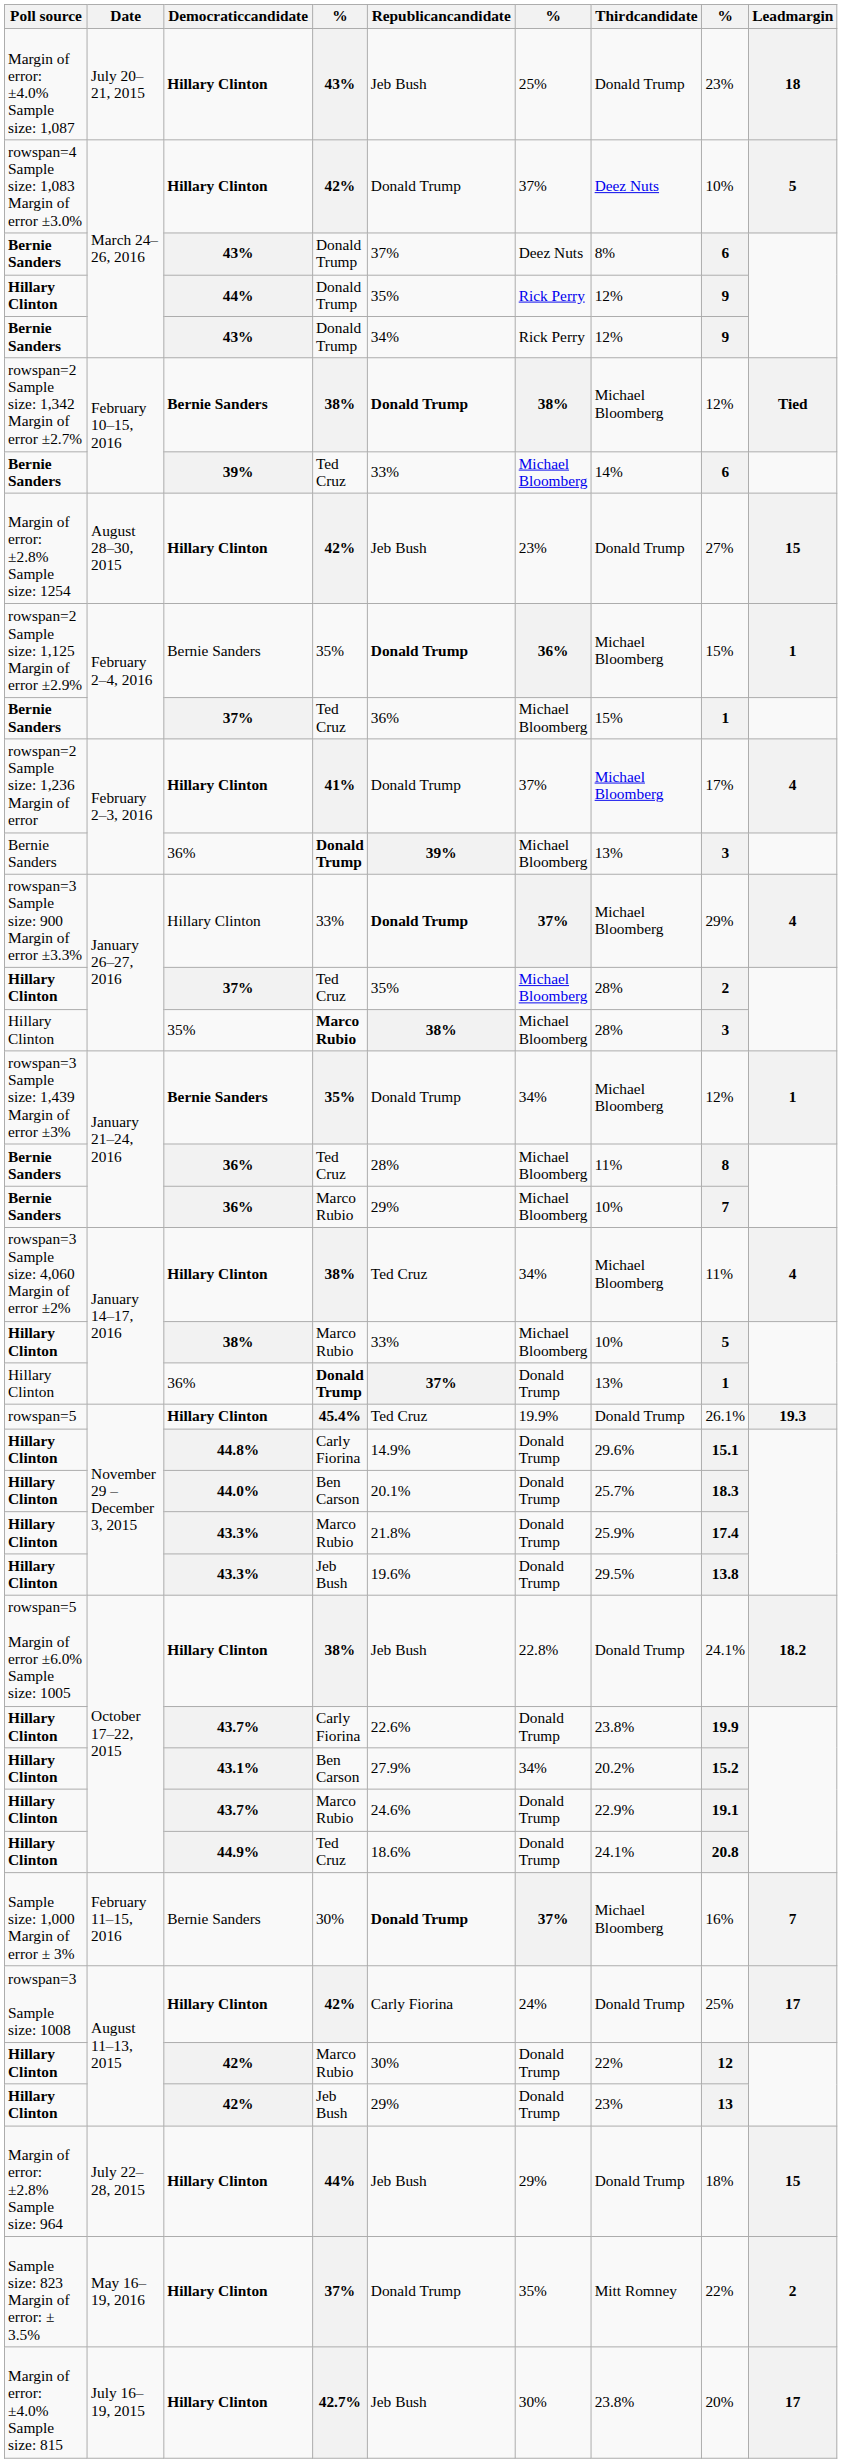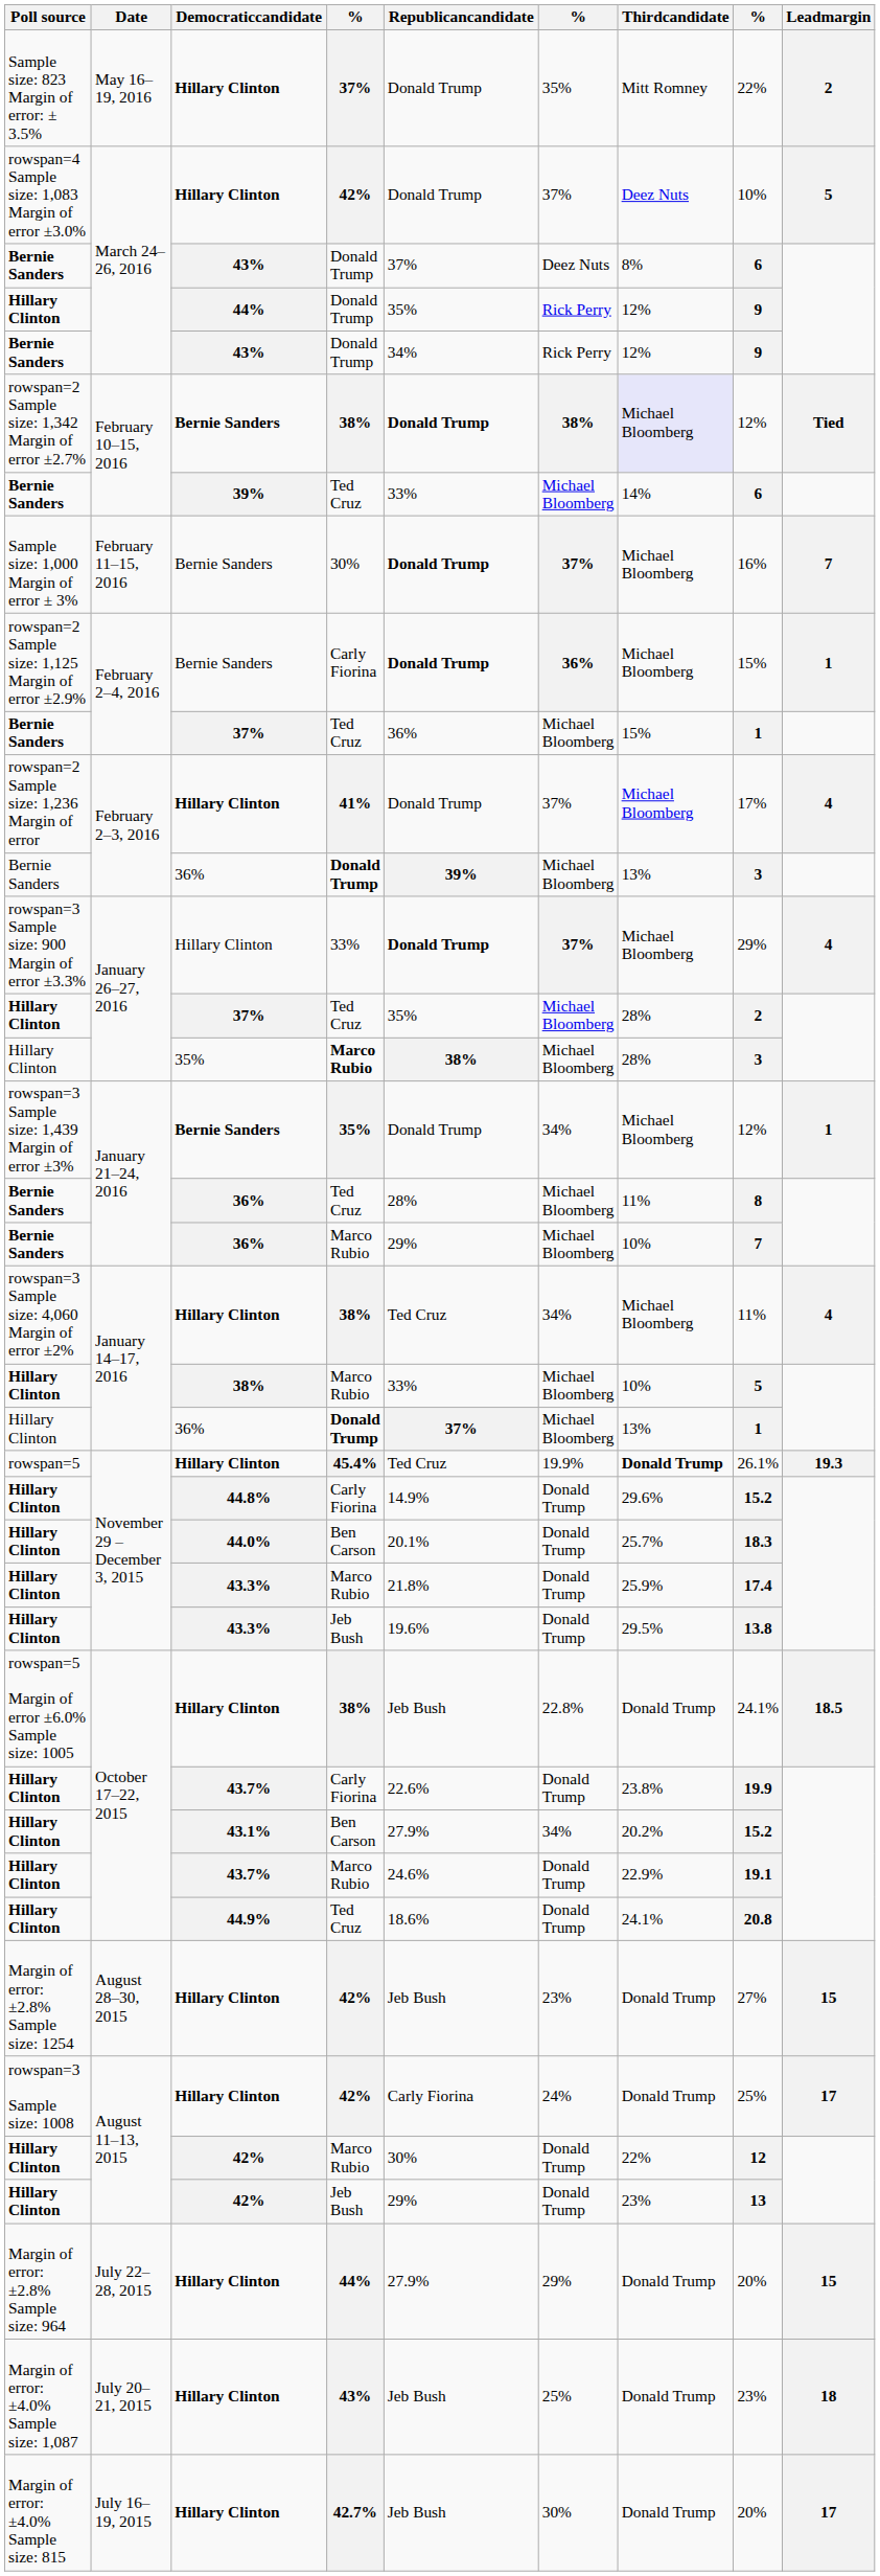 <table class="wikitable sortable sticky-header sort-under">
 <tr>
 <th style="width:20%;">Poll source</th>
 <th style="width:15%;">Date</th>
 <th style="width:20%;">Democraticcandidate</th>
 <th style="width:5%;">%</th>
 <th style="width:20%;">Republicancandidate</th>
 <th style="width:5%;">%</th>
 <th style="width:20%;">Thirdcandidate</th>
 <th style="width:5%;">%</th>
 <th style="width:15%;">Leadmargin</th>
 </tr>
 <tr>
-<td><br>Margin of error: ±4.0%<br>Sample size: 1,087</td>
-<td>July 20–21, 2015</td>
+<td><br>Sample size: 823<br>Margin of error: ± 3.5%</td>
+<td>May 16–19, 2016</td>
 <td><strong>Hillary Clinton</strong></td>
-<th>43%</th>
-<td>Jeb Bush</td>
-<td>25%</td>
+<th>37%</th>
 <td>Donald Trump</td>
-<td>23%</td>
-<th>18</th>
+<td>35%</td>
+<td>Mitt Romney</td>
+<td>22%</td>
+<th>2</th>
 </tr>
 <tr>
 <td>rowspan=4 <br>Sample size: 1,083<br>Margin of error ±3.0%</td>
 <td rowspan=4>March 24–26, 2016</td>
 <td><strong>Hillary Clinton</strong></td>
 <th>42%</th>
 <td>Donald Trump</td>
 <td>37%</td>
 <td><a href='#'>Deez Nuts</a></td>
 <td>10%</td>
 <th>5</th>
 </tr>
 <tr>
 <td><strong>Bernie Sanders</strong></td>
 <th>43%</th>
 <td>Donald Trump</td>
 <td>37%</td>
 <td>Deez Nuts</td>
 <td>8%</td>
 <th>6</th>
 </tr>
 <tr>
 <td><strong>Hillary Clinton</strong></td>
 <th>44%</th>
 <td>Donald Trump</td>
 <td>35%</td>
 <td><a href='#'>Rick Perry</a></td>
 <td>12%</td>
 <th>9</th>
 </tr>
 <tr>
 <td><strong>Bernie Sanders</strong></td>
 <th>43%</th>
 <td>Donald Trump</td>
 <td>34%</td>
 <td>Rick Perry</td>
 <td>12%</td>
 <th>9</th>
 </tr>
 <tr>
 <td>rowspan=2 <br>Sample size:  1,342 <br>Margin of error ±2.7%</td>
 <td rowspan=2>February 10–15, 2016</td>
 <td><strong>Bernie Sanders</strong></td>
 <th>38%</th>
 <td><strong>Donald Trump</strong></td>
 <th>38%</th>
-<td>Michael Bloomberg</td>
+<td style="background: lavender;">Michael Bloomberg</td>
 <td>12%</td>
 <th>Tied</th>
 </tr>
 <tr>
 <td><strong>Bernie Sanders</strong></td>
 <th>39%</th>
 <td>Ted Cruz</td>
 <td>33%</td>
 <td><a href='#'>Michael Bloomberg</a></td>
 <td>14%</td>
 <th>6</th>
 </tr>
 <tr>
-<td><br>Margin of error: ±2.8%<br>Sample size: 1254</td>
-<td>August 28–30, 2015</td>
-<td><strong>Hillary Clinton</strong></td>
-<th>42%</th>
-<td>Jeb Bush</td>
-<td>23%</td>
-<td>Donald Trump</td>
-<td>27%</td>
-<th>15</th>
+<td><br>Sample size:  1,000 <br>Margin of error ± 3%</td>
+<td>February 11–15, 2016</td>
+<td>Bernie Sanders</td>
+<td>30%</td>
+<td><strong>Donald Trump</strong></td>
+<th>37%</th>
+<td>Michael Bloomberg</td>
+<td>16%</td>
+<th>7</th>
 </tr>
 <tr>
 <td>rowspan=2 <br>Sample size:  1,125 <br>Margin of error ±2.9%</td>
 <td rowspan=2>February 2–4, 2016</td>
 <td>Bernie Sanders</td>
-<td>35%</td>
+<td>Carly Fiorina</td>
 <td><strong>Donald Trump</strong></td>
 <th>36%</th>
 <td>Michael Bloomberg</td>
 <td>15%</td>
 <th>1</th>
 </tr>
 <tr>
 <td><strong>Bernie Sanders</strong></td>
 <th>37%</th>
 <td>Ted Cruz</td>
 <td>36%</td>
 <td>Michael Bloomberg</td>
 <td>15%</td>
 <th>1</th>
 </tr>
 <tr>
 <td>rowspan=2 <br>Sample size:  1,236 <br>Margin of error</td>
 <td rowspan=2>February 2–3, 2016</td>
 <td><strong>Hillary Clinton</strong></td>
 <th>41%</th>
 <td>Donald Trump</td>
 <td>37%</td>
 <td><a href='#'>Michael Bloomberg</a></td>
 <td>17%</td>
 <th>4</th>
 </tr>
 <tr>
 <td>Bernie Sanders</td>
 <td>36%</td>
 <td><strong>Donald Trump</strong></td>
 <th>39%</th>
 <td>Michael Bloomberg</td>
 <td>13%</td>
 <th>3</th>
 </tr>
 <tr>
 <td>rowspan=3 <br>Sample size: 900 <br>Margin of error ±3.3%</td>
 <td rowspan=3>January 26–27, 2016</td>
 <td>Hillary Clinton</td>
 <td>33%</td>
 <td><strong>Donald Trump</strong></td>
 <th>37%</th>
 <td>Michael Bloomberg</td>
 <td>29%</td>
 <th>4</th>
 </tr>
 <tr>
 <td><strong>Hillary Clinton</strong></td>
 <th>37%</th>
 <td>Ted Cruz</td>
 <td>35%</td>
 <td><a href='#'>Michael Bloomberg</a></td>
 <td>28%</td>
 <th>2</th>
 </tr>
 <tr>
 <td>Hillary Clinton</td>
 <td>35%</td>
 <td><strong>Marco Rubio</strong></td>
 <th>38%</th>
 <td>Michael Bloomberg</td>
 <td>28%</td>
 <th>3</th>
 </tr>
 <tr>
 <td>rowspan=3 <br>Sample size: 1,439 <br>Margin of error ±3%</td>
 <td rowspan=3>January 21–24, 2016</td>
 <td><strong>Bernie Sanders</strong></td>
 <th>35%</th>
 <td>Donald Trump</td>
 <td>34%</td>
 <td>Michael Bloomberg</td>
 <td>12%</td>
 <th>1</th>
 </tr>
 <tr>
 <td><strong>Bernie Sanders</strong></td>
 <th>36%</th>
 <td>Ted Cruz</td>
 <td>28%</td>
 <td>Michael Bloomberg</td>
 <td>11%</td>
 <th>8</th>
 </tr>
 <tr>
 <td><strong>Bernie Sanders</strong></td>
 <th>36%</th>
 <td>Marco Rubio</td>
 <td>29%</td>
 <td>Michael Bloomberg</td>
 <td>10%</td>
 <th>7</th>
 </tr>
 <tr>
 <td>rowspan=3 <br>Sample size: 4,060 <br>Margin of error ±2%</td>
 <td rowspan=3>January 14–17, 2016</td>
 <td><strong>Hillary Clinton</strong></td>
 <th>38%</th>
 <td>Ted Cruz</td>
 <td>34%</td>
 <td>Michael Bloomberg</td>
 <td>11%</td>
 <th>4</th>
 </tr>
 <tr>
 <td><strong>Hillary Clinton</strong></td>
 <th>38%</th>
 <td>Marco Rubio</td>
 <td>33%</td>
 <td>Michael Bloomberg</td>
 <td>10%</td>
 <th>5</th>
 </tr>
 <tr>
 <td>Hillary Clinton</td>
 <td>36%</td>
 <td><strong>Donald Trump</strong></td>
 <th>37%</th>
-<td>Donald Trump</td>
+<td>Michael Bloomberg</td>
 <td>13%</td>
 <th>1</th>
 </tr>
 <tr>
 <td>rowspan=5 </td>
 <td rowspan=5>November 29 – December 3, 2015</td>
 <td><strong>Hillary Clinton</strong></td>
 <th>45.4%</th>
 <td>Ted Cruz</td>
 <td>19.9%</td>
-<td>Donald Trump</td>
+<td><strong>Donald Trump</strong></td>
 <td>26.1%</td>
 <th>19.3</th>
 </tr>
 <tr>
 <td><strong>Hillary Clinton</strong></td>
 <th>44.8%</th>
 <td>Carly Fiorina</td>
 <td>14.9%</td>
 <td>Donald Trump</td>
 <td>29.6%</td>
-<th>15.1</th>
+<th>15.2</th>
 </tr>
 <tr>
 <td><strong>Hillary Clinton</strong></td>
 <th>44.0%</th>
 <td>Ben Carson</td>
 <td>20.1%</td>
 <td>Donald Trump</td>
 <td>25.7%</td>
 <th>18.3</th>
 </tr>
 <tr>
 <td><strong>Hillary Clinton</strong></td>
 <th>43.3%</th>
 <td>Marco Rubio</td>
 <td>21.8%</td>
 <td>Donald Trump</td>
 <td>25.9%</td>
 <th>17.4</th>
 </tr>
 <tr>
 <td><strong>Hillary Clinton</strong></td>
 <th>43.3%</th>
 <td>Jeb Bush</td>
 <td>19.6%</td>
 <td>Donald Trump</td>
 <td>29.5%</td>
 <th>13.8</th>
 </tr>
 <tr>
 <td>rowspan=5 <br><br>Margin of error ±6.0%<br>Sample size: 1005</td>
 <td rowspan=5>October 17–22, 2015</td>
 <td><strong>Hillary Clinton</strong></td>
 <th>38%</th>
 <td>Jeb Bush</td>
 <td>22.8%</td>
 <td>Donald Trump</td>
 <td>24.1%</td>
-<th>18.2</th>
+<th>18.5</th>
 </tr>
 <tr>
 <td><strong>Hillary Clinton</strong></td>
 <th>43.7%</th>
 <td>Carly Fiorina</td>
 <td>22.6%</td>
 <td>Donald Trump</td>
 <td>23.8%</td>
 <th>19.9</th>
 </tr>
 <tr>
 <td><strong>Hillary Clinton</strong></td>
 <th>43.1%</th>
 <td>Ben Carson</td>
 <td>27.9%</td>
 <td>34%</td>
 <td>20.2%</td>
 <th>15.2</th>
 </tr>
 <tr>
 <td><strong>Hillary Clinton</strong></td>
 <th>43.7%</th>
 <td>Marco Rubio</td>
 <td>24.6%</td>
 <td>Donald Trump</td>
 <td>22.9%</td>
 <th>19.1</th>
 </tr>
 <tr>
 <td><strong>Hillary Clinton</strong></td>
 <th>44.9%</th>
 <td>Ted Cruz</td>
 <td>18.6%</td>
 <td>Donald Trump</td>
 <td>24.1%</td>
 <th>20.8</th>
 </tr>
 <tr>
-<td><br>Sample size:  1,000 <br>Margin of error ± 3%</td>
-<td>February 11–15, 2016</td>
-<td>Bernie Sanders</td>
-<td>30%</td>
-<td><strong>Donald Trump</strong></td>
-<th>37%</th>
-<td>Michael Bloomberg</td>
-<td>16%</td>
-<th>7</th>
+<td><br>Margin of error: ±2.8%<br>Sample size: 1254</td>
+<td>August 28–30, 2015</td>
+<td><strong>Hillary Clinton</strong></td>
+<th>42%</th>
+<td>Jeb Bush</td>
+<td>23%</td>
+<td>Donald Trump</td>
+<td>27%</td>
+<th>15</th>
 </tr>
 <tr>
 <td>rowspan=3 <br><br>Sample size: 1008</td>
 <td rowspan=3>August 11–13, 2015</td>
 <td><strong>Hillary Clinton</strong></td>
 <th>42%</th>
 <td>Carly Fiorina</td>
 <td>24%</td>
 <td>Donald Trump</td>
 <td>25%</td>
 <th>17</th>
 </tr>
 <tr>
 <td><strong>Hillary Clinton</strong></td>
 <th>42%</th>
 <td>Marco Rubio</td>
 <td>30%</td>
 <td>Donald Trump</td>
 <td>22%</td>
 <th>12</th>
 </tr>
 <tr>
 <td><strong>Hillary Clinton</strong></td>
 <th>42%</th>
 <td>Jeb Bush</td>
 <td>29%</td>
 <td>Donald Trump</td>
 <td>23%</td>
 <th>13</th>
 </tr>
 <tr>
 <td><br>Margin of error: ±2.8%<br>Sample size: 964</td>
 <td>July 22–28, 2015</td>
 <td><strong>Hillary Clinton</strong></td>
 <th>44%</th>
-<td>Jeb Bush</td>
+<td>27.9%</td>
 <td>29%</td>
 <td>Donald Trump</td>
-<td>18%</td>
+<td>20%</td>
 <th>15</th>
 </tr>
 <tr>
-<td><br>Sample size: 823<br>Margin of error: ± 3.5%</td>
-<td>May 16–19, 2016</td>
+<td><br>Margin of error: ±4.0%<br>Sample size: 1,087</td>
+<td>July 20–21, 2015</td>
 <td><strong>Hillary Clinton</strong></td>
-<th>37%</th>
+<th>43%</th>
+<td>Jeb Bush</td>
+<td>25%</td>
 <td>Donald Trump</td>
-<td>35%</td>
-<td>Mitt Romney</td>
-<td>22%</td>
-<th>2</th>
+<td>23%</td>
+<th>18</th>
 </tr>
 <tr>
 <td><br>Margin of error: ±4.0%<br>Sample size: 815</td>
 <td>July 16–19, 2015</td>
 <td><strong>Hillary Clinton</strong></td>
 <th>42.7%</th>
 <td>Jeb Bush</td>
 <td>30%</td>
-<td>23.8%</td>
+<td>Donald Trump</td>
 <td>20%</td>
 <th>17</th>
 </tr>
 </table>
